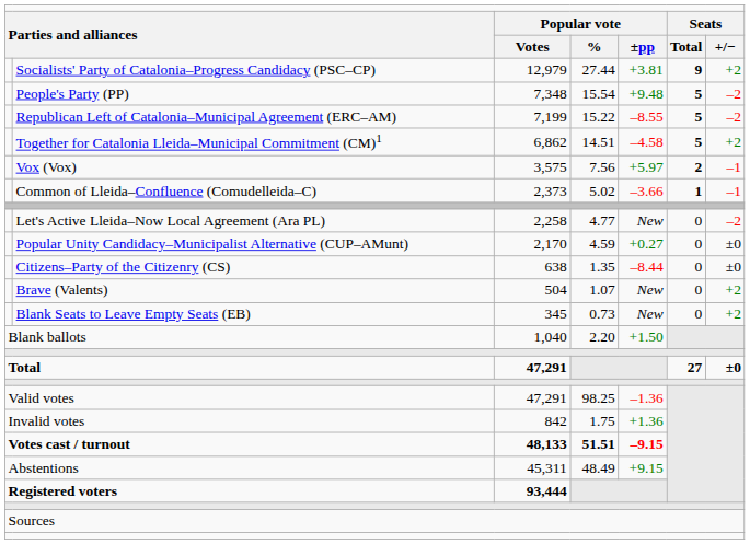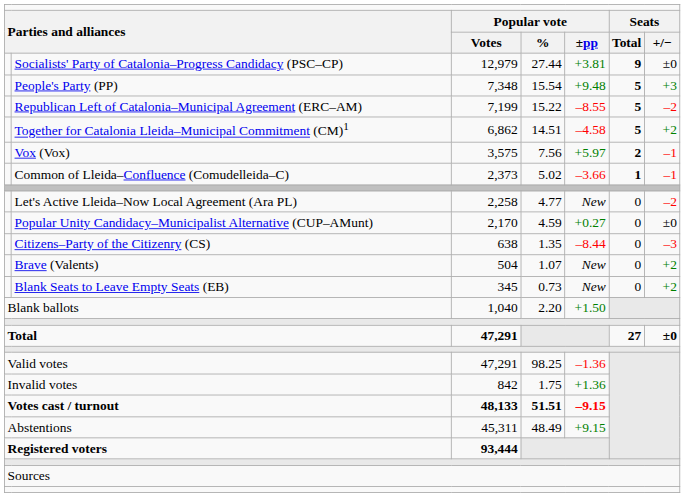 <table class="wikitable" style="text-align:right;">
 <tr>
 <td colspan="7"></td>
 </tr>
 <tr>
 <th style="text-align:left;" rowspan="2" colspan="2" width="525">Parties and alliances</th>
 <th colspan="3">Popular vote</th>
 <th colspan="2">Seats</th>
 </tr>
 <tr>
 <th width="75">Votes</th>
 <th width="45">%</th>
 <th width="45">±<a href='#'>pp</a></th>
 <th width="35">Total</th>
 <th width="35">+/−</th>
 </tr>
 <tr>
 <td width="1" style="color:inherit;background:"></td>
 <td align="left"><a href='#'>Socialists' Party of Catalonia–Progress Candidacy</a> (PSC–CP)</td>
 <td>12,979</td>
 <td>27.44</td>
 <td style="color:green;">+3.81</td>
 <td><strong>9</strong></td>
-<td style="color:green;">+2</td>
+<td>±0</td>
 </tr>
 <tr>
 <td style="color:inherit;background:"></td>
 <td align="left"><a href='#'>People's Party</a> (PP)</td>
 <td>7,348</td>
 <td>15.54</td>
 <td style="color:green;">+9.48</td>
 <td><strong>5</strong></td>
-<td style="color:red;">–2</td>
+<td style="color:green;">+3</td>
 </tr>
 <tr>
 <td style="color:inherit;background:"></td>
 <td align="left"><a href='#'>Republican Left of Catalonia–Municipal Agreement</a> (ERC–AM)</td>
 <td>7,199</td>
 <td>15.22</td>
 <td style="color:red;">–8.55</td>
 <td><strong>5</strong></td>
 <td style="color:red;">–2</td>
 </tr>
 <tr>
 <td style="color:inherit;background:"></td>
 <td align="left"><a href='#'>Together for Catalonia Lleida–Municipal Commitment</a> (CM)<sup>1</sup></td>
 <td>6,862</td>
 <td>14.51</td>
 <td style="color:red;">–4.58</td>
 <td><strong>5</strong></td>
 <td style="color:green;">+2</td>
 </tr>
 <tr>
 <td style="color:inherit;background:"></td>
 <td align="left"><a href='#'>Vox</a> (Vox)</td>
 <td>3,575</td>
 <td>7.56</td>
 <td style="color:green;">+5.97</td>
 <td><strong>2</strong></td>
 <td style="color:red;">–1</td>
 </tr>
 <tr>
 <td style="color:inherit;background:"></td>
 <td align="left">Common of Lleida–<a href='#'>Confluence</a> (Comudelleida–C)</td>
 <td>2,373</td>
 <td>5.02</td>
 <td style="color:red;">–3.66</td>
 <td><strong>1</strong></td>
 <td style="color:red;">–1</td>
 </tr>
 <tr>
 <td colspan="7" bgcolor="#C0C0C0"></td>
 </tr>
 <tr>
 <td style="color:inherit;background:"></td>
 <td align="left">Let's Active Lleida–Now Local Agreement (Ara PL)</td>
 <td>2,258</td>
 <td>4.77</td>
 <td><em>New</em></td>
 <td>0</td>
 <td style="color:red;">–2</td>
 </tr>
 <tr>
 <td style="color:inherit;background:"></td>
 <td align="left"><a href='#'>Popular Unity Candidacy–Municipalist Alternative</a> (CUP–AMunt)</td>
 <td>2,170</td>
 <td>4.59</td>
 <td style="color:green;">+0.27</td>
 <td>0</td>
 <td>±0</td>
 </tr>
 <tr>
 <td style="color:inherit;background:"></td>
 <td align="left"><a href='#'>Citizens–Party of the Citizenry</a> (CS)</td>
 <td>638</td>
 <td>1.35</td>
 <td style="color:red;">–8.44</td>
 <td>0</td>
-<td>±0</td>
+<td style="color:red;">–3</td>
 </tr>
 <tr>
 <td style="color:inherit;background:"></td>
 <td align="left"><a href='#'>Brave</a> (Valents)</td>
 <td>504</td>
 <td>1.07</td>
 <td><em>New</em></td>
 <td>0</td>
 <td style="color:green;">+2</td>
 </tr>
 <tr>
 <td style="color:inherit;background:"></td>
 <td align="left"><a href='#'>Blank Seats to Leave Empty Seats</a> (EB)</td>
 <td>345</td>
 <td>0.73</td>
 <td><em>New</em></td>
 <td>0</td>
 <td style="color:green;">+2</td>
 </tr>
 <tr>
 <td align="left" colspan="2">Blank ballots</td>
 <td>1,040</td>
 <td>2.20</td>
 <td style="color:green;">+1.50</td>
 <td bgcolor="#E9E9E9" colspan="2"></td>
 </tr>
 <tr>
 <td colspan="7" bgcolor="#E9E9E9"></td>
 </tr>
 <tr style="font-weight:bold;">
 <td align="left" colspan="2">Total</td>
 <td>47,291</td>
 <td bgcolor="#E9E9E9" colspan="2"></td>
 <td>27</td>
 <td>±0</td>
 </tr>
 <tr>
 <td colspan="7" bgcolor="#E9E9E9"></td>
 </tr>
 <tr>
 <td align="left" colspan="2">Valid votes</td>
 <td>47,291</td>
 <td>98.25</td>
 <td style="color:red;">–1.36</td>
 <td bgcolor="#E9E9E9" colspan="2" rowspan="5"></td>
 </tr>
 <tr>
 <td align="left" colspan="2">Invalid votes</td>
 <td>842</td>
 <td>1.75</td>
 <td style="color:green;">+1.36</td>
 </tr>
 <tr style="font-weight:bold;">
 <td align="left" colspan="2">Votes cast / turnout</td>
 <td>48,133</td>
 <td>51.51</td>
 <td style="color:red;">–9.15</td>
 </tr>
 <tr>
 <td align="left" colspan="2">Abstentions</td>
 <td>45,311</td>
 <td>48.49</td>
 <td style="color:green;">+9.15</td>
 </tr>
 <tr style="font-weight:bold;">
 <td align="left" colspan="2">Registered voters</td>
 <td>93,444</td>
 <td bgcolor="#E9E9E9" colspan="2"></td>
 </tr>
 <tr>
 <td colspan="7" bgcolor="#E9E9E9"></td>
 </tr>
 <tr>
 <td align="left" colspan="7">Sources</td>
 </tr>
 <tr>
 <td colspan="7" style="text-align:left; max-width:790px;"></td>
 </tr>
 </table>
